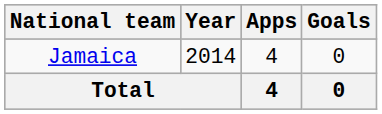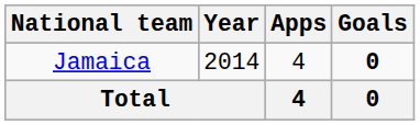 <table class="wikitable" style="text-align:center">
 <tr>
 <th>National team</th>
 <th>Year</th>
 <th>Apps</th>
 <th>Goals</th>
 </tr>
 <tr>
 <td><a href='#'>Jamaica</a></td>
 <td>2014</td>
 <td>4</td>
-<td>0</td>
+<td><strong>0</strong></td>
 </tr>
 <tr>
 <th colspan="2">Total</th>
 <th>4</th>
 <th>0</th>
 </tr>
 </table>
